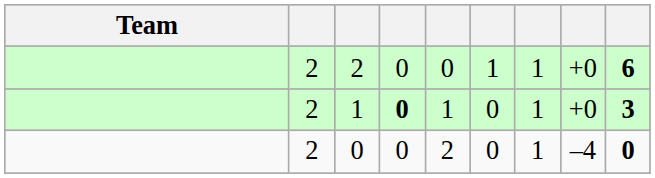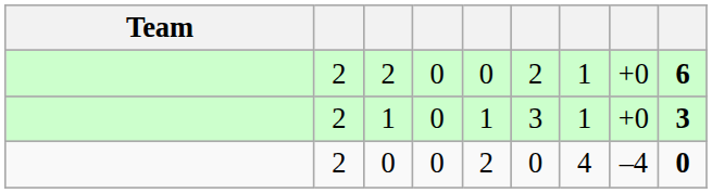 <table class="wikitable" style="text-align: center;">
 <tr>
 <th width="165">Team</th>
 <th width="20"></th>
 <th width="20"></th>
 <th width="20"></th>
 <th width="20"></th>
 <th width="20"></th>
 <th width="20"></th>
 <th width="20"></th>
 <th width="20"></th>
 </tr>
 <tr bgcolor=ccffcc>
 <td style="text-align:left;"></td>
 <td>2</td>
 <td>2</td>
 <td>0</td>
 <td>0</td>
-<td>1</td>
+<td>2</td>
 <td>1</td>
 <td>+0</td>
 <td><strong>6</strong></td>
 </tr>
 <tr bgcolor=ccffcc>
 <td style="text-align:left;"></td>
 <td>2</td>
 <td>1</td>
-<td><strong>0</strong></td>
+<td>0</td>
 <td>1</td>
-<td>0</td>
+<td>3</td>
 <td>1</td>
 <td>+0</td>
 <td><strong>3</strong></td>
 </tr>
 <tr>
 <td style="text-align:left;"></td>
 <td>2</td>
 <td>0</td>
 <td>0</td>
 <td>2</td>
 <td>0</td>
-<td>1</td>
+<td>4</td>
 <td>–4</td>
 <td><strong>0</strong></td>
 </tr>
 </table>
